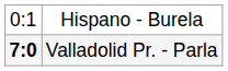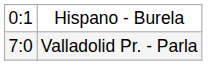 <table class="wikitable">
 <tr align=center bgcolor=white>
 <td>0:1</td>
 <td>Hispano - Burela</td>
 </tr>
 <tr align=center bgcolor=#F5F5F5>
-<td><strong>7:0</strong></td>
+<td>7:0</td>
 <td>Valladolid Pr. - Parla</td>
 </tr>
 </table>
